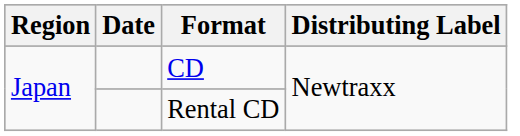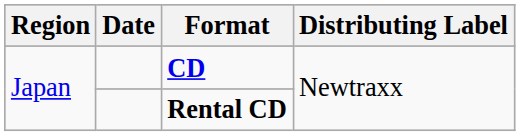 <table class="wikitable">
 <tr>
 <th>Region</th>
 <th>Date</th>
 <th>Format</th>
 <th>Distributing Label</th>
 </tr>
 <tr>
 <td rowspan="2"><a href='#'>Japan</a></td>
 <td></td>
-<td><a href='#'>CD</a></td>
+<td><strong><a href='#'>CD</a></strong></td>
 <td rowspan="2">Newtraxx</td>
 </tr>
 <tr>
 <td></td>
-<td>Rental CD</td>
+<td><strong>Rental CD</strong></td>
 </tr>
 </table>
